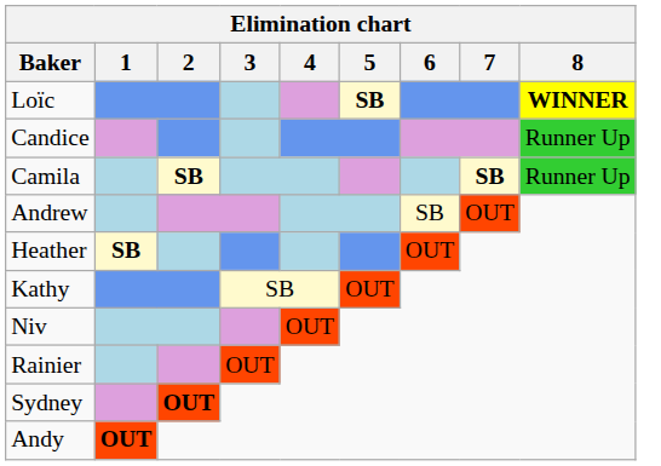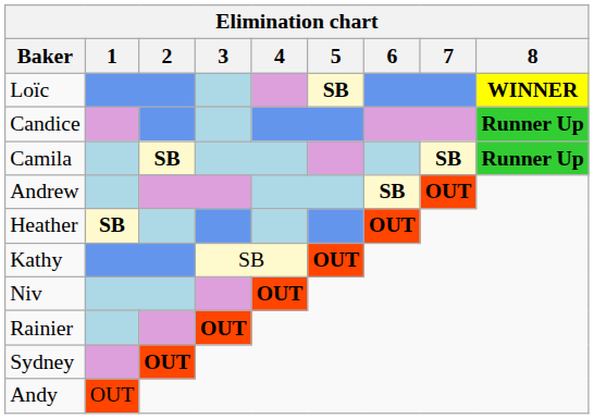 <table class="wikitable" style="text-align:center">
 <tr>
 <th ! colspan="16">Elimination chart</th>
 </tr>
 <tr 7373>
 <th>Baker</th>
 <th>1</th>
 <th>2</th>
 <th>3</th>
 <th>4</th>
 <th>5</th>
 <th>6</th>
 <th>7</th>
 <th>8</th>
 </tr>
 <tr>
 <td align="left">Loïc</td>
 <td colspan="2" style="background:Cornflowerblue;"></td>
 <td style="background:Lightblue;"></td>
 <td style="background:Plum;"></td>
 <td style="background:LemonChiffon;"><strong>SB</strong></td>
 <td colspan="2" style="background:Cornflowerblue;"></td>
 <td style="background:Yellow;"><strong>WINNER</strong></td>
 </tr>
 <tr>
 <td align="left">Candice</td>
 <td style="background:Plum;"></td>
 <td style="background:Cornflowerblue;"></td>
 <td style="background:Lightblue;"></td>
 <td colspan="2" style="background:Cornflowerblue;"></td>
 <td colspan="2" style="background:Plum;"></td>
-<td style="background:LimeGreen;">Runner Up</td>
+<td style="background:LimeGreen;"><strong>Runner Up</strong></td>
 </tr>
 <tr>
 <td align="left">Camila</td>
 <td style="background:Lightblue;"></td>
 <td style="background:LemonChiffon;"><strong>SB</strong></td>
 <td colspan="2" style="background:Lightblue;"></td>
 <td style="background:Plum;"></td>
 <td style="background:Lightblue;"></td>
 <td style="background:LemonChiffon;"><strong>SB</strong></td>
-<td style="background:LimeGreen;">Runner Up</td>
+<td style="background:LimeGreen;"><strong>Runner Up</strong></td>
 </tr>
 <tr>
 <td align="left">Andrew</td>
 <td style="background:Lightblue;"></td>
 <td colspan="2" style="background:Plum;"></td>
 <td colspan="2" style="background:Lightblue;"></td>
-<td style="background:LemonChiffon;">SB</td>
-<td style="background:orangered;">OUT</td>
+<td style="background:LemonChiffon;"><strong>SB</strong></td>
+<td style="background:orangered;"><strong>OUT</strong></td>
 </tr>
 <tr>
 <td align="left">Heather</td>
 <td style="background:LemonChiffon;"><strong>SB</strong></td>
 <td style="background:Lightblue;"></td>
 <td style="background:Cornflowerblue;"></td>
 <td style="background:Lightblue;"></td>
 <td style="background:Cornflowerblue;"></td>
-<td style="background:orangered;">OUT</td>
+<td style="background:orangered;"><strong>OUT</strong></td>
 </tr>
 <tr>
 <td align="left">Kathy</td>
 <td colspan="2" style="background:Cornflowerblue;"></td>
 <td colspan="2" style="background:LemonChiffon;">SB</td>
-<td style="background:orangered;">OUT</td>
+<td style="background:orangered;"><strong>OUT</strong></td>
 </tr>
 <tr>
 <td align="left">Niv</td>
 <td colspan="2" style="background:Lightblue;"></td>
 <td style="background:Plum;"></td>
-<td style="background:orangered;">OUT</td>
+<td style="background:orangered;"><strong>OUT</strong></td>
 </tr>
 <tr>
 <td align="left">Rainier</td>
 <td style="background:Lightblue;"></td>
 <td style="background:Plum;"></td>
-<td style="background:orangered;">OUT</td>
+<td style="background:orangered;"><strong>OUT</strong></td>
 </tr>
 <tr>
 <td align="left">Sydney</td>
 <td style="background:Plum;"></td>
 <td style="background:orangered;"><strong>OUT</strong></td>
 </tr>
 <tr>
 <td align="left">Andy</td>
-<td style="background:orangered;"><strong>OUT</strong></td>
+<td style="background:orangered;">OUT</td>
 </tr>
 </table>
